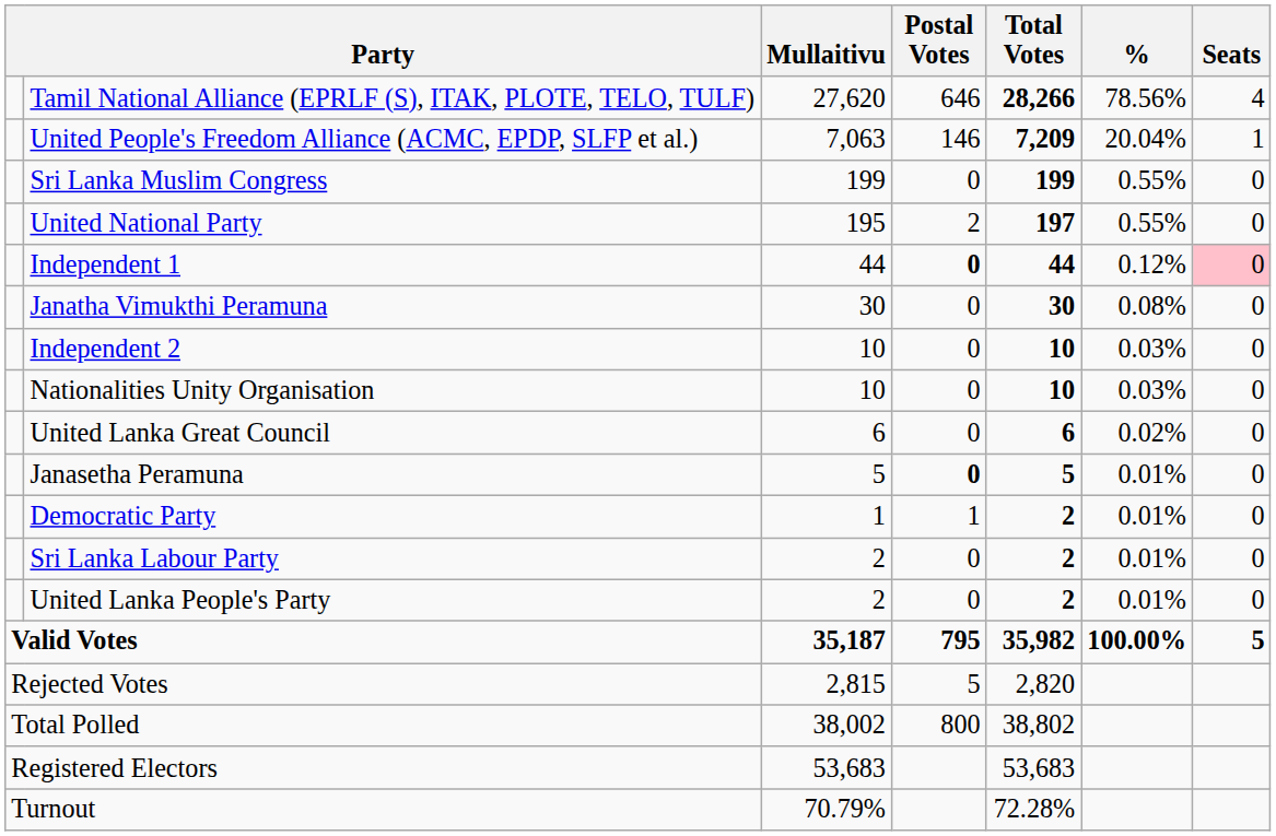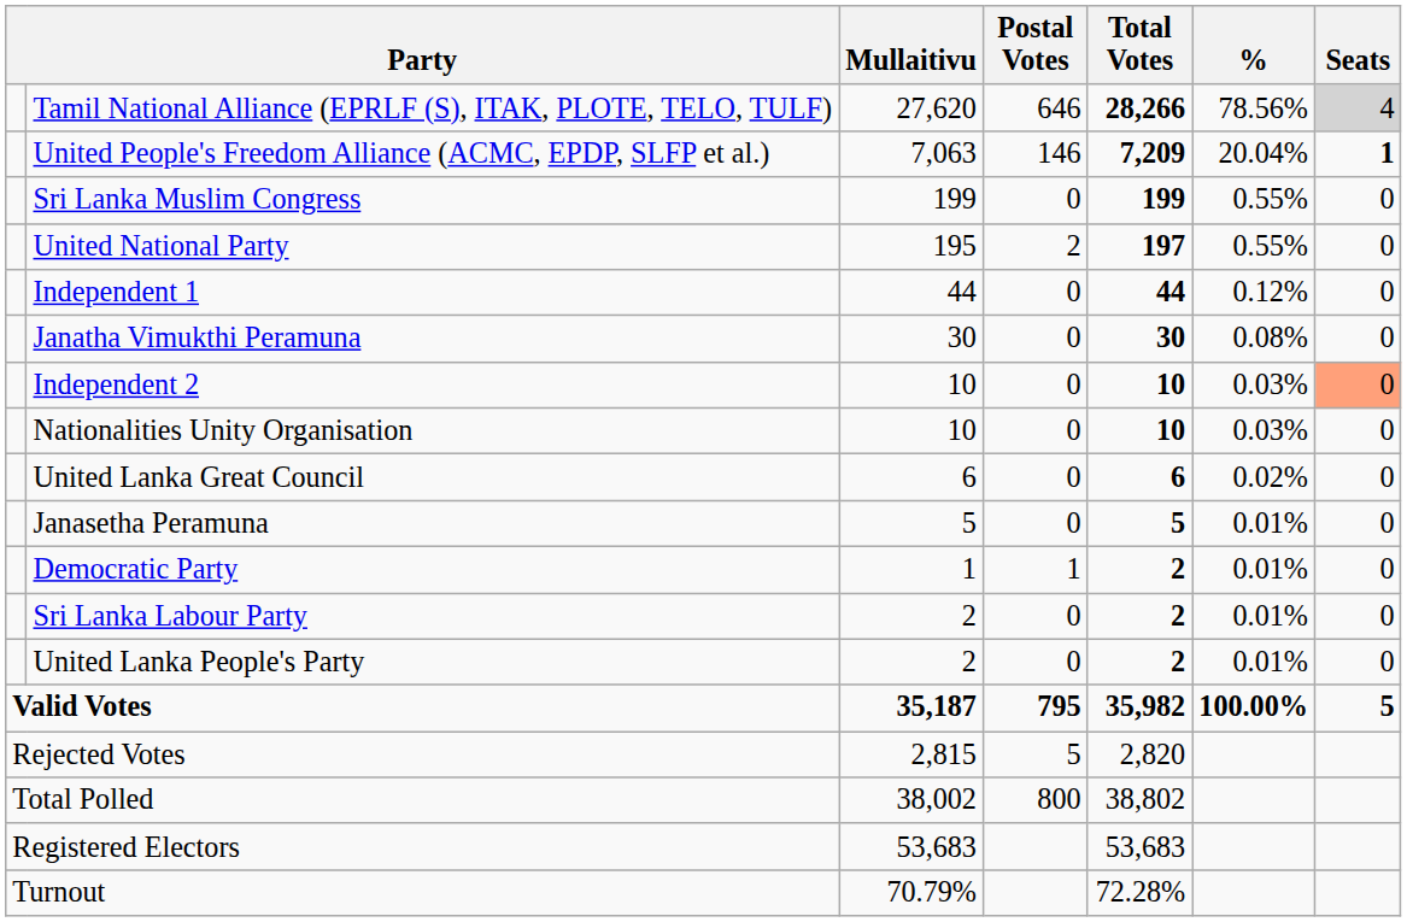 <table class="wikitable" border="1" style="text-align:right;">
 <tr>
 <th align=left valign=bottom colspan=2>Party</th>
 <th align=center valign=bottom width="50">Mullaitivu</th>
 <th align=center valign=bottom width="50">Postal<br>Votes</th>
 <th align=center valign=bottom width="50">Total Votes</th>
 <th align=center valign=bottom width="50">%</th>
 <th align=center valign=bottom width="40">Seats</th>
 </tr>
 <tr>
 <td bgcolor=> </td>
 <td align=left><a href='#'>Tamil National Alliance</a> (<a href='#'>EPRLF (S)</a>, <a href='#'>ITAK</a>, <a href='#'>PLOTE</a>, <a href='#'>TELO</a>, <a href='#'>TULF</a>)</td>
 <td>27,620</td>
 <td>646</td>
 <td><strong>28,266</strong></td>
 <td>78.56%</td>
-<td>4</td>
+<td style="background: lightgrey;">4</td>
 </tr>
 <tr>
 <td bgcolor=> </td>
 <td align=left><a href='#'>United People's Freedom Alliance</a> (<a href='#'>ACMC</a>, <a href='#'>EPDP</a>, <a href='#'>SLFP</a> et al.)</td>
 <td>7,063</td>
 <td>146</td>
 <td><strong>7,209</strong></td>
 <td>20.04%</td>
-<td>1</td>
+<td><strong>1</strong></td>
 </tr>
 <tr>
 <td bgcolor=> </td>
 <td align=left><a href='#'>Sri Lanka Muslim Congress</a></td>
 <td>199</td>
 <td>0</td>
 <td><strong>199</strong></td>
 <td>0.55%</td>
 <td>0</td>
 </tr>
 <tr>
 <td bgcolor=> </td>
 <td align=left><a href='#'>United National Party</a></td>
 <td>195</td>
 <td>2</td>
 <td><strong>197</strong></td>
 <td>0.55%</td>
 <td>0</td>
 </tr>
 <tr>
 <td bgcolor=> </td>
 <td align=left><a href='#'>Independent 1</a></td>
 <td>44</td>
-<td><strong>0</strong></td>
+<td>0</td>
 <td><strong>44</strong></td>
 <td>0.12%</td>
-<td style="background: pink;">0</td>
+<td>0</td>
 </tr>
 <tr>
 <td bgcolor=> </td>
 <td align=left><a href='#'>Janatha Vimukthi Peramuna</a></td>
 <td>30</td>
 <td>0</td>
 <td><strong>30</strong></td>
 <td>0.08%</td>
 <td>0</td>
 </tr>
 <tr>
 <td bgcolor=> </td>
 <td align=left><a href='#'>Independent 2</a></td>
 <td>10</td>
 <td>0</td>
 <td><strong>10</strong></td>
 <td>0.03%</td>
-<td>0</td>
+<td style="background: lightsalmon;">0</td>
 </tr>
 <tr>
 <td></td>
 <td align=left>Nationalities Unity Organisation</td>
 <td>10</td>
 <td>0</td>
 <td><strong>10</strong></td>
 <td>0.03%</td>
 <td>0</td>
 </tr>
 <tr>
 <td></td>
 <td align=left>United Lanka Great Council</td>
 <td>6</td>
 <td>0</td>
 <td><strong>6</strong></td>
 <td>0.02%</td>
 <td>0</td>
 </tr>
 <tr>
 <td></td>
 <td align=left>Janasetha Peramuna</td>
 <td>5</td>
-<td><strong>0</strong></td>
+<td>0</td>
 <td><strong>5</strong></td>
 <td>0.01%</td>
 <td>0</td>
 </tr>
 <tr>
 <td bgcolor=> </td>
 <td align=left><a href='#'>Democratic Party</a></td>
 <td>1</td>
 <td>1</td>
 <td><strong>2</strong></td>
 <td>0.01%</td>
 <td>0</td>
 </tr>
 <tr>
 <td></td>
 <td align=left><a href='#'>Sri Lanka Labour Party</a></td>
 <td>2</td>
 <td>0</td>
 <td><strong>2</strong></td>
 <td>0.01%</td>
 <td>0</td>
 </tr>
 <tr>
 <td></td>
 <td align=left>United Lanka People's Party</td>
 <td>2</td>
 <td>0</td>
 <td><strong>2</strong></td>
 <td>0.01%</td>
 <td>0</td>
 </tr>
 <tr style="font-weight:bold">
 <td align=left colspan=2>Valid Votes</td>
 <td>35,187</td>
 <td>795</td>
 <td>35,982</td>
 <td>100.00%</td>
 <td>5</td>
 </tr>
 <tr>
 <td align=left colspan=2>Rejected Votes</td>
 <td>2,815</td>
 <td>5</td>
 <td>2,820</td>
 <td></td>
 <td></td>
 </tr>
 <tr>
 <td align=left colspan=2>Total Polled</td>
 <td>38,002</td>
 <td>800</td>
 <td>38,802</td>
 <td></td>
 <td></td>
 </tr>
 <tr>
 <td align=left colspan=2>Registered Electors</td>
 <td>53,683</td>
 <td></td>
 <td>53,683</td>
 <td></td>
 <td></td>
 </tr>
 <tr>
 <td align=left colspan=2>Turnout</td>
 <td>70.79%</td>
 <td></td>
 <td>72.28%</td>
 <td></td>
 <td></td>
 </tr>
 </table>
